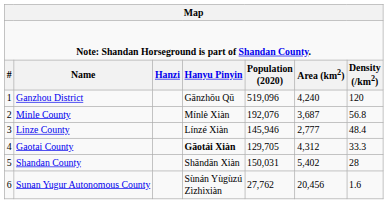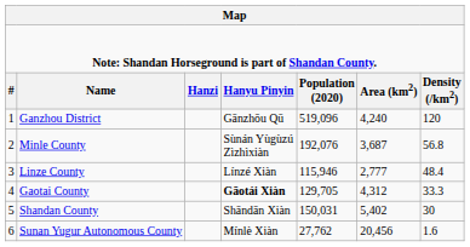 <table class="wikitable"  style="font-size:90%;" align=center>
 <tr>
 <th colspan="7" align="center">Map</th>
 </tr>
 <tr>
 <td colspan="7" align="center"><div><br>            </div><br><strong>Note: Shandan Horseground is part of <a href='#'>Shandan County</a>.</strong></td>
 </tr>
 <tr>
 <th>#</th>
 <th>Name</th>
 <th><a href='#'>Hanzi</a></th>
 <th><a href='#'>Hanyu Pinyin</a></th>
 <th>Population<br>(2020)</th>
 <th>Area (km<sup>2</sup>)</th>
 <th>Density<br>(/km<sup>2</sup>)</th>
 </tr>
 <tr --------->
 <td>1</td>
 <td><a href='#'>Ganzhou District</a></td>
 <td></td>
 <td>Gānzhōu Qū</td>
 <td>519,096</td>
 <td>4,240</td>
 <td>120</td>
 </tr>
 <tr --------->
 <td>2</td>
 <td><a href='#'>Minle County</a></td>
 <td></td>
-<td>Mínlè Xiàn</td>
+<td>Sùnán Yùgùzú<br>Zìzhìxiàn</td>
 <td>192,076</td>
 <td>3,687</td>
 <td>56.8</td>
 </tr>
 <tr --------->
 <td>3</td>
 <td><a href='#'>Linze County</a></td>
 <td></td>
 <td>Línzé Xiàn</td>
-<td>145,946</td>
+<td>115,946</td>
 <td>2,777</td>
 <td>48.4</td>
 </tr>
 <tr --------->
 <td>4</td>
 <td><a href='#'>Gaotai County</a></td>
 <td></td>
 <td><strong>Gāotái Xiàn</strong></td>
 <td>129,705</td>
 <td>4,312</td>
 <td>33.3</td>
 </tr>
 <tr --------->
 <td>5</td>
 <td><a href='#'>Shandan County</a></td>
 <td></td>
 <td>Shāndān Xiàn</td>
 <td>150,031</td>
 <td>5,402</td>
-<td>28</td>
+<td>30</td>
 </tr>
 <tr --------->
 <td>6</td>
 <td><a href='#'>Sunan Yugur Autonomous County</a></td>
 <td></td>
-<td>Sùnán Yùgùzú<br>Zìzhìxiàn</td>
+<td>Mínlè Xiàn</td>
 <td>27,762</td>
 <td>20,456</td>
 <td>1.6</td>
 </tr>
 </table>
